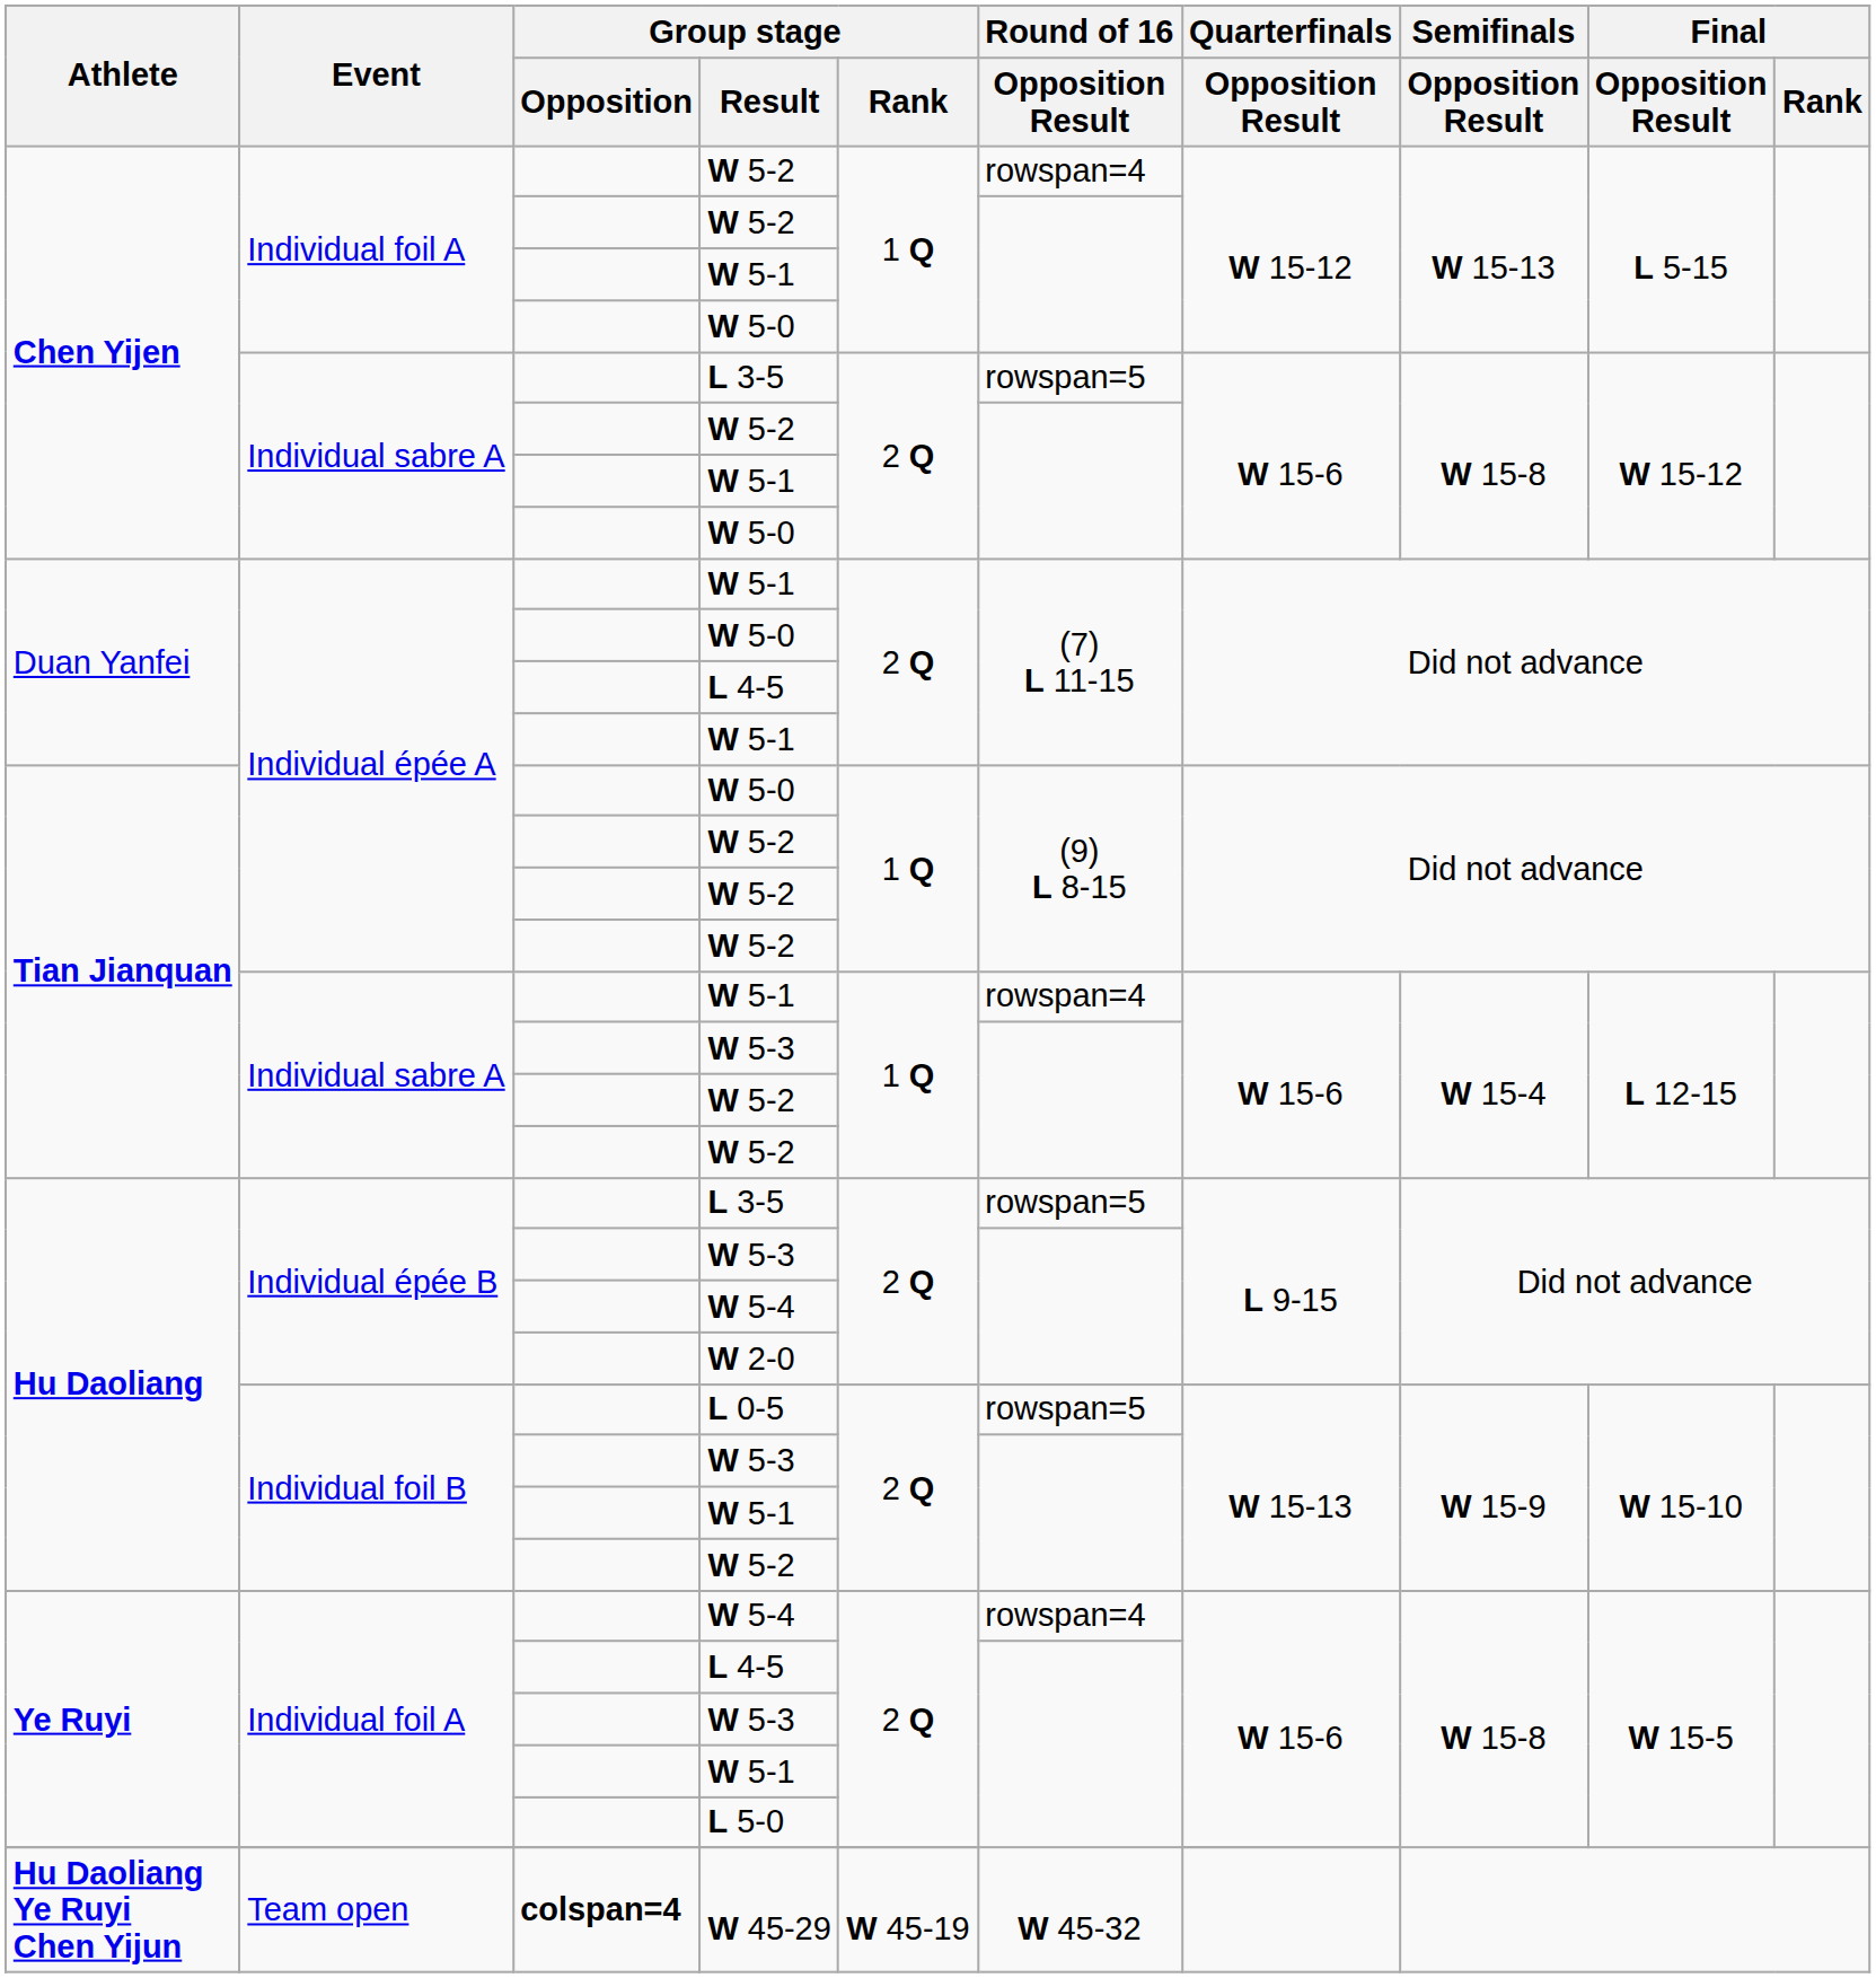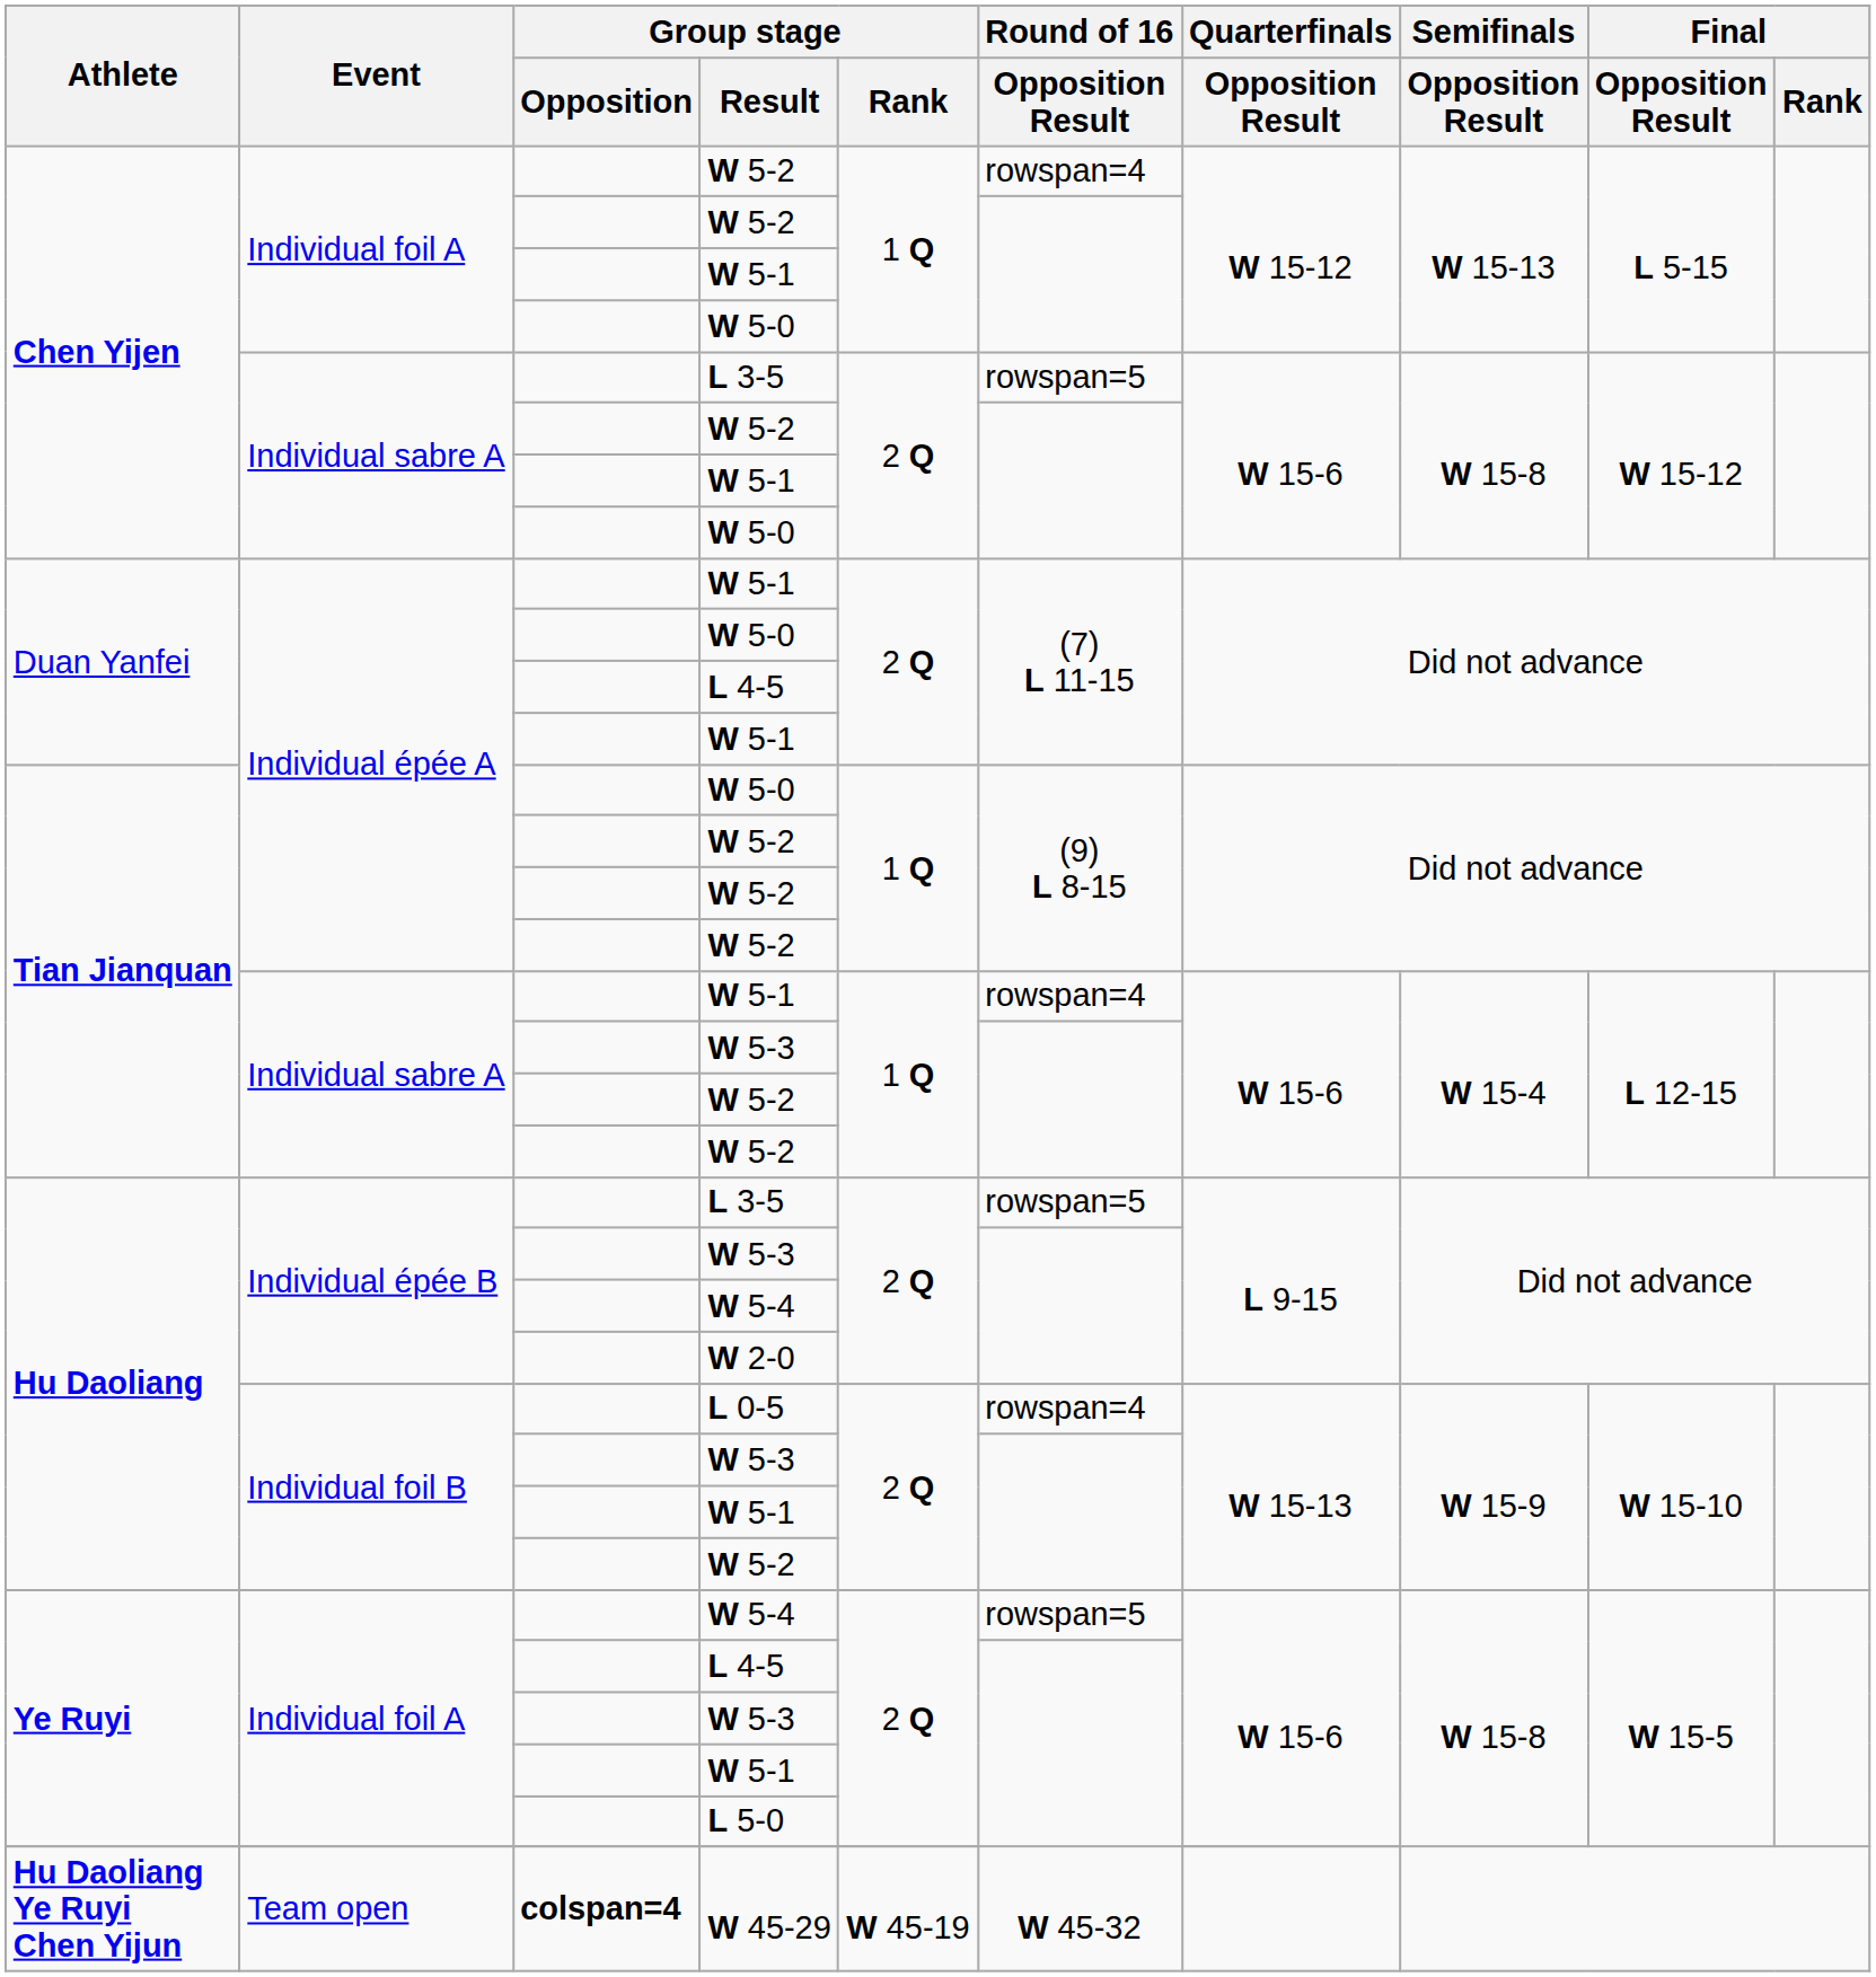 <table class=wikitable style="font-size:90%">
 <tr>
 <th rowspan="2">Athlete</th>
 <th rowspan="2">Event</th>
 <th colspan="3">Group stage</th>
 <th>Round of 16</th>
 <th>Quarterfinals</th>
 <th>Semifinals</th>
 <th colspan="2">Final</th>
 </tr>
 <tr>
 <th>Opposition</th>
 <th>Result</th>
 <th>Rank</th>
 <th>Opposition<br>Result</th>
 <th>Opposition<br>Result</th>
 <th>Opposition<br>Result</th>
 <th>Opposition<br>Result</th>
 <th>Rank</th>
 </tr>
 <tr>
 <td align=left rowspan=8><strong><a href='#'>Chen Yijen</a></strong></td>
 <td align=left rowspan=4><a href='#'>Individual foil A</a></td>
 <td></td>
 <td><strong>W</strong> 5-2</td>
 <td align=center rowspan=4>1 <strong>Q</strong></td>
 <td>rowspan=4 </td>
 <td align=center rowspan=4><br><strong>W</strong> 15-12</td>
 <td align=center rowspan=4><br><strong>W</strong> 15-13</td>
 <td align=center rowspan=4><br><strong>L</strong> 5-15</td>
 <td align=center rowspan=4></td>
 </tr>
 <tr>
 <td></td>
 <td><strong>W</strong> 5-2</td>
 </tr>
 <tr>
 <td></td>
 <td><strong>W</strong> 5-1</td>
 </tr>
 <tr>
 <td></td>
 <td><strong>W</strong> 5-0</td>
 </tr>
 <tr>
 <td align=left rowspan=4><a href='#'>Individual sabre A</a></td>
 <td></td>
 <td><strong>L</strong> 3-5</td>
 <td align=center rowspan=4>2 <strong>Q</strong></td>
 <td>rowspan=5 </td>
 <td align=center rowspan=4><br><strong>W</strong> 15-6</td>
 <td align=center rowspan=4><br><strong>W</strong> 15-8</td>
 <td align=center rowspan=4><br><strong>W</strong> 15-12</td>
 <td align=center rowspan=4></td>
 </tr>
 <tr>
 <td></td>
 <td><strong>W</strong> 5-2</td>
 </tr>
 <tr>
 <td></td>
 <td><strong>W</strong> 5-1</td>
 </tr>
 <tr>
 <td></td>
 <td><strong>W</strong> 5-0</td>
 </tr>
 <tr>
 <td align=left rowspan=4><a href='#'>Duan Yanfei</a></td>
 <td align=left rowspan=8><a href='#'>Individual épée A</a></td>
 <td></td>
 <td><strong>W</strong> 5-1</td>
 <td align=center rowspan=4>2 <strong>Q</strong></td>
 <td align=center rowspan=4> (7)<br><strong>L</strong> 11-15</td>
 <td align=center rowspan=4 colspan=4>Did not advance</td>
 </tr>
 <tr>
 <td></td>
 <td><strong>W</strong> 5-0</td>
 </tr>
 <tr>
 <td></td>
 <td><strong>L</strong> 4-5</td>
 </tr>
 <tr>
 <td></td>
 <td><strong>W</strong> 5-1</td>
 </tr>
 <tr>
 <td align=left rowspan=8><strong><a href='#'>Tian Jianquan</a></strong></td>
 <td></td>
 <td><strong>W</strong> 5-0</td>
 <td align=center rowspan=4>1 <strong>Q</strong></td>
 <td align=center rowspan=4> (9)<br><strong>L</strong> 8-15</td>
 <td align=center rowspan=4 colspan=4>Did not advance</td>
 </tr>
 <tr>
 <td></td>
 <td><strong>W</strong> 5-2</td>
 </tr>
 <tr>
 <td></td>
 <td><strong>W</strong> 5-2</td>
 </tr>
 <tr>
 <td></td>
 <td><strong>W</strong> 5-2</td>
 </tr>
 <tr>
 <td align=left rowspan=4><a href='#'>Individual sabre A</a></td>
 <td></td>
 <td><strong>W</strong> 5-1</td>
 <td align=center rowspan=4>1 <strong>Q</strong></td>
 <td>rowspan=4 </td>
 <td align=center rowspan=4><br><strong>W</strong> 15-6</td>
 <td align=center rowspan=4><br><strong>W</strong> 15-4</td>
 <td align=center rowspan=4><br><strong>L</strong> 12-15</td>
 <td align=center rowspan=4></td>
 </tr>
 <tr>
 <td></td>
 <td><strong>W</strong> 5-3</td>
 </tr>
 <tr>
 <td></td>
 <td><strong>W</strong> 5-2</td>
 </tr>
 <tr>
 <td></td>
 <td><strong>W</strong> 5-2</td>
 </tr>
 <tr>
 <td align=left rowspan=8><strong><a href='#'>Hu Daoliang</a></strong></td>
 <td align=left rowspan=4><a href='#'>Individual épée B</a></td>
 <td></td>
 <td><strong>L</strong> 3-5</td>
 <td align=center rowspan=4>2 <strong>Q</strong></td>
 <td>rowspan=5 </td>
 <td align=center rowspan=4><br><strong>L</strong> 9-15</td>
 <td align=center rowspan=4 colspan=3>Did not advance</td>
 </tr>
 <tr>
 <td></td>
 <td><strong>W</strong> 5-3</td>
 </tr>
 <tr>
 <td></td>
 <td><strong>W</strong> 5-4</td>
 </tr>
 <tr>
 <td></td>
 <td><strong>W</strong> 2-0</td>
 </tr>
 <tr>
 <td align=left rowspan=4><a href='#'>Individual foil B</a></td>
 <td></td>
 <td><strong>L</strong> 0-5</td>
 <td align=center rowspan=4>2 <strong>Q</strong></td>
-<td>rowspan=5 </td>
+<td>rowspan=4 </td>
 <td align=center rowspan=4><br><strong>W</strong> 15-13</td>
 <td align=center rowspan=4><br><strong>W</strong> 15-9</td>
 <td align=center rowspan=4><br><strong>W</strong> 15-10</td>
 <td align=center rowspan=4></td>
 </tr>
 <tr>
 <td></td>
 <td><strong>W</strong> 5-3</td>
 </tr>
 <tr>
 <td></td>
 <td><strong>W</strong> 5-1</td>
 </tr>
 <tr>
 <td></td>
 <td><strong>W</strong> 5-2</td>
 </tr>
 <tr>
 <td align=left rowspan=5><strong><a href='#'>Ye Ruyi</a></strong></td>
 <td align=left rowspan=5><a href='#'>Individual foil A</a></td>
 <td></td>
 <td><strong>W</strong> 5-4</td>
 <td align=center rowspan=5>2 <strong>Q</strong></td>
-<td>rowspan=4 </td>
+<td>rowspan=5 </td>
 <td align=center rowspan=5><br><strong>W</strong> 15-6</td>
 <td align=center rowspan=5><br><strong>W</strong> 15-8</td>
 <td align=center rowspan=5><br><strong>W</strong> 15-5</td>
 <td align=center rowspan=5></td>
 </tr>
 <tr>
 <td></td>
 <td><strong>L</strong> 4-5</td>
 </tr>
 <tr>
 <td></td>
 <td><strong>W</strong> 5-3</td>
 </tr>
 <tr>
 <td></td>
 <td><strong>W</strong> 5-1</td>
 </tr>
 <tr>
 <td></td>
 <td><strong>L</strong> 5-0</td>
 </tr>
 <tr>
 </tr>
 <tr>
 <td align=left><strong><a href='#'>Hu Daoliang</a></strong><br><strong><a href='#'>Ye Ruyi</a></strong><br><strong><a href='#'>Chen Yijun</a></strong></td>
 <td align=left><a href='#'>Team open</a></td>
 <td><strong>colspan=4 </strong></td>
 <td align=center><br><strong>W</strong> 45-29</td>
 <td align=center><br><strong>W</strong> 45-19</td>
 <td align=center><br><strong>W</strong> 45-32</td>
 <td align=center></td>
 </tr>
 </table>
